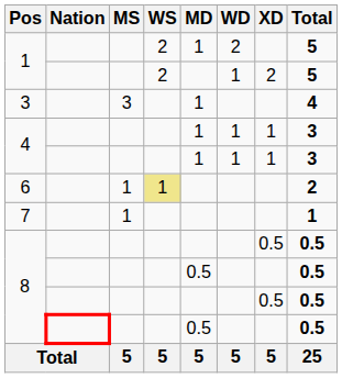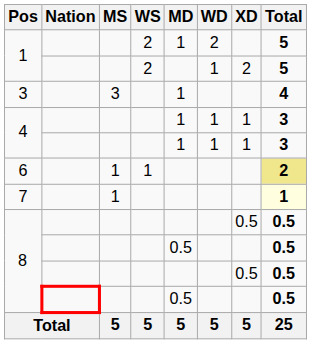 <table class="wikitable" style="text-align:center">
 <tr>
 <th>Pos</th>
 <th>Nation</th>
 <th>MS</th>
 <th>WS</th>
 <th>MD</th>
 <th>WD</th>
 <th>XD</th>
 <th>Total</th>
 </tr>
 <tr>
 <td rowspan="2">1</td>
 <td align="left"></td>
 <td></td>
 <td>2</td>
 <td>1</td>
 <td>2</td>
 <td></td>
 <td><strong>5</strong></td>
 </tr>
 <tr>
 <td align="left"></td>
 <td></td>
 <td>2</td>
 <td></td>
 <td>1</td>
 <td>2</td>
 <td><strong>5</strong></td>
 </tr>
 <tr>
 <td>3</td>
 <td align="left"></td>
 <td>3</td>
 <td></td>
 <td>1</td>
 <td></td>
 <td></td>
 <td><strong>4</strong></td>
 </tr>
 <tr>
 <td rowspan="2">4</td>
 <td align="left"></td>
 <td></td>
 <td></td>
 <td>1</td>
 <td>1</td>
 <td>1</td>
 <td><strong>3</strong></td>
 </tr>
 <tr>
 <td align="left"></td>
 <td></td>
 <td></td>
 <td>1</td>
 <td>1</td>
 <td>1</td>
 <td><strong>3</strong></td>
 </tr>
 <tr>
 <td>6</td>
 <td align="left"></td>
 <td>1</td>
-<td style="background: khaki;">1</td>
+<td>1</td>
 <td></td>
 <td></td>
 <td></td>
-<td><strong>2</strong></td>
+<td style="background: khaki;"><strong>2</strong></td>
 </tr>
 <tr>
 <td>7</td>
 <td align="left"></td>
 <td>1</td>
 <td></td>
 <td></td>
 <td></td>
 <td></td>
-<td><strong>1</strong></td>
+<td style="background: lightyellow;"><strong>1</strong></td>
 </tr>
 <tr>
 <td rowspan="4">8</td>
 <td align="left"></td>
 <td></td>
 <td></td>
 <td></td>
 <td></td>
 <td>0.5</td>
 <td><strong>0.5</strong></td>
 </tr>
 <tr>
 <td align="left"></td>
 <td></td>
 <td></td>
 <td>0.5</td>
 <td></td>
 <td></td>
 <td><strong>0.5</strong></td>
 </tr>
 <tr>
 <td align="left"></td>
 <td></td>
 <td></td>
 <td></td>
 <td></td>
 <td>0.5</td>
 <td><strong>0.5</strong></td>
 </tr>
 <tr>
 <td align="left" style="border: 3px solid red"><strong></strong></td>
 <td></td>
 <td></td>
 <td>0.5</td>
 <td></td>
 <td></td>
 <td><strong>0.5</strong></td>
 </tr>
 <tr>
 <th colspan="2">Total</th>
 <th>5</th>
 <th>5</th>
 <th>5</th>
 <th>5</th>
 <th>5</th>
 <th>25</th>
 </tr>
 </table>
